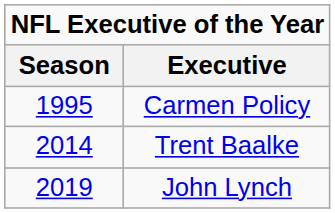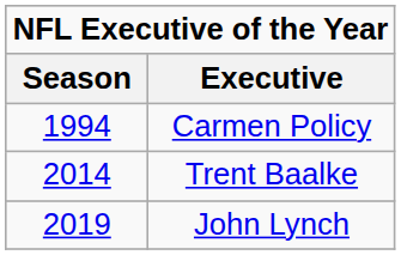 <table class="wikitable sortable" style="text-align:center">
 <tr>
 <td colspan="2"><strong>NFL Executive of the Year</strong></td>
 </tr>
 <tr>
 <th>Season</th>
 <th>Executive</th>
 </tr>
 <tr>
-<td><a href='#'>1995</a></td>
+<td><a href='#'>1994</a></td>
 <td><a href='#'>Carmen Policy</a></td>
 </tr>
 <tr>
 <td><a href='#'>2014</a></td>
 <td><a href='#'>Trent Baalke</a></td>
 </tr>
 <tr>
 <td><a href='#'>2019</a></td>
 <td><a href='#'>John Lynch</a></td>
 </tr>
 </table>
